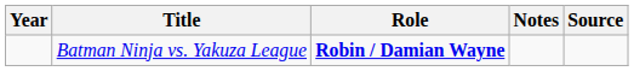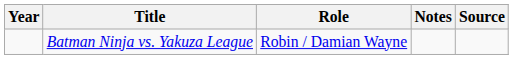 <table class="wikitable">
 <tr>
 <th>Year</th>
 <th>Title</th>
 <th>Role</th>
 <th>Notes</th>
 <th>Source</th>
 </tr>
 <tr>
 <td></td>
 <td><em><a href='#'>Batman Ninja vs. Yakuza League</a></em></td>
-<td><strong><a href='#'>Robin / Damian Wayne</a></strong></td>
+<td><a href='#'>Robin / Damian Wayne</a></td>
 <td></td>
 </tr>
 </table>
